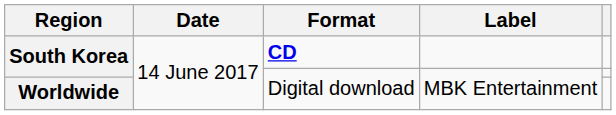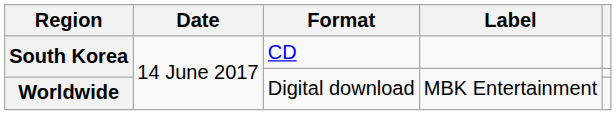 <table class = "wikitable plainrowheaders">
 <tr>
 <th>Region</th>
 <th>Date</th>
 <th>Format</th>
 <th>Label</th>
 <th></th>
 </tr>
 <tr>
 <th rowspan="2" scope="row">South Korea</th>
 <td rowspan=3>14 June 2017</td>
-<td><strong><a href='#'>CD</a></strong></td>
+<td><a href='#'>CD</a></td>
 <td></td>
 <td></td>
 </tr>
 <tr>
 <td rowspan=2>Digital download</td>
 <td rowspan=2>MBK Entertainment</td>
 <td align=center></td>
 </tr>
 <tr>
 <th scope="row">Worldwide</th>
 <td align=center></td>
 </tr>
 </table>
